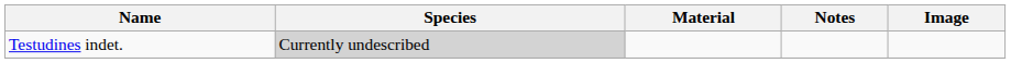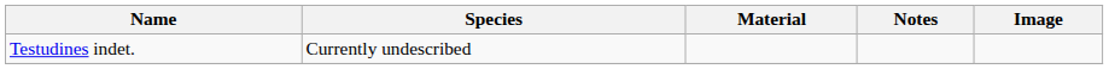 <table class="wikitable" align="center" width="75%">
 <tr>
 <th>Name</th>
 <th>Species</th>
 <th>Material</th>
 <th>Notes</th>
 <th>Image</th>
 </tr>
 <tr>
 <td><a href='#'>Testudines</a> indet.</td>
-<td style="background: lightgrey;">Currently undescribed</td>
+<td>Currently undescribed</td>
 <td></td>
 <td></td>
 <td></td>
 </tr>
 <tr>
 </tr>
 </table>
